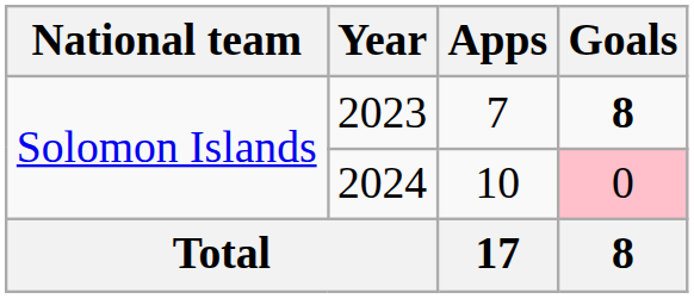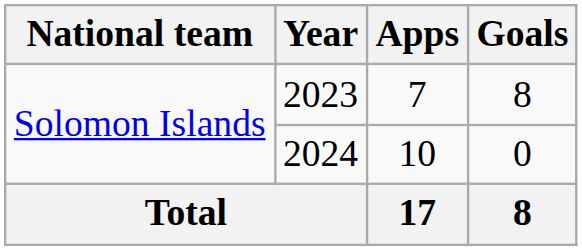 <table class="wikitable" style="text-align:center">
 <tr>
 <th>National team</th>
 <th>Year</th>
 <th>Apps</th>
 <th>Goals</th>
 </tr>
 <tr>
 <td rowspan="2"><a href='#'>Solomon Islands</a></td>
 <td>2023</td>
 <td>7</td>
-<td><strong>8</strong></td>
+<td>8</td>
 </tr>
 <tr>
 <td>2024</td>
 <td>10</td>
-<td style="background: pink;">0</td>
+<td>0</td>
 </tr>
 <tr>
 <th colspan="2">Total</th>
 <th>17</th>
 <th>8</th>
 </tr>
 </table>
